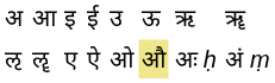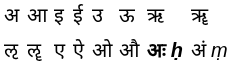 <table cellpadding="2">
 <tr>
 <td>अ <em></em></td>
 <td>आ <em></em></td>
 <td>इ <em></em></td>
 <td>ई <em></em></td>
 <td>उ <em></em></td>
 <td>ऊ <em></em></td>
 <td>ऋ <em></em></td>
 <td>ॠ <em></em></td>
 </tr>
 <tr>
 <td>ऌ <em></em></td>
 <td>ॡ <em></em></td>
 <td>ए <em></em></td>
 <td>ऐ <em></em></td>
 <td>ओ <em></em></td>
-<td style="background: khaki;">औ <em></em></td>
-<td>अः <em>ḥ</em></td>
+<td>औ <em></em></td>
+<td><strong>अः <em>ḥ</em></strong></td>
 <td>अं <em>ṃ</em></td>
 </tr>
 </table>
